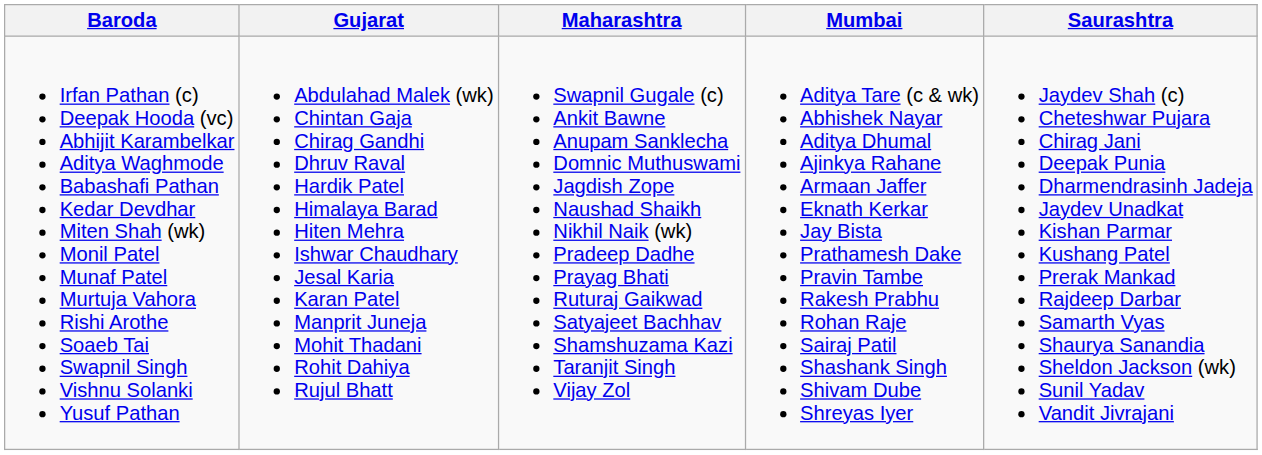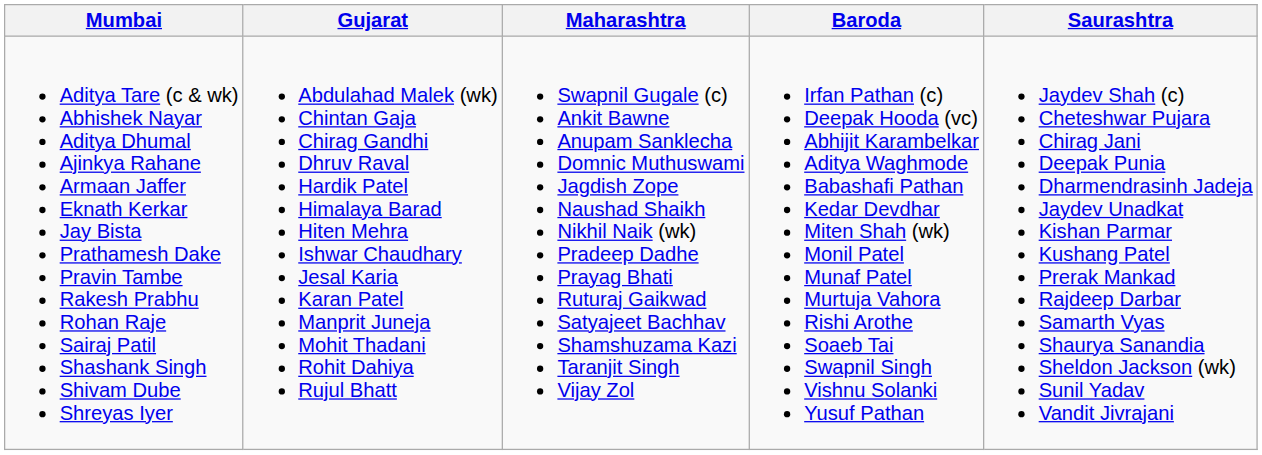 <table class="wikitable">
 <tr>
-<th><a href='#'>Baroda</a></th>
+<th><a href='#'>Mumbai</a></th>
 <th><a href='#'>Gujarat</a></th>
 <th><a href='#'>Maharashtra</a></th>
-<th><a href='#'>Mumbai</a></th>
+<th><a href='#'>Baroda</a></th>
 <th><a href='#'>Saurashtra</a></th>
 </tr>
 <tr style="vertical-align:top">
-<td><br><ul><li><a href='#'>Irfan Pathan</a> (c)</li><li><a href='#'>Deepak Hooda</a> (vc)</li><li><a href='#'>Abhijit Karambelkar</a></li><li><a href='#'>Aditya Waghmode</a></li><li><a href='#'>Babashafi Pathan</a></li><li><a href='#'>Kedar Devdhar</a></li><li><a href='#'>Miten Shah</a> (wk)</li><li><a href='#'>Monil Patel</a></li><li><a href='#'>Munaf Patel</a></li><li><a href='#'>Murtuja Vahora</a></li><li><a href='#'>Rishi Arothe</a></li><li><a href='#'>Soaeb Tai</a></li><li><a href='#'>Swapnil Singh</a></li><li><a href='#'>Vishnu Solanki</a></li><li><a href='#'>Yusuf Pathan</a></li></ul></td>
+<td><br><ul><li><a href='#'>Aditya Tare</a> (c & wk)</li><li><a href='#'>Abhishek Nayar</a></li><li><a href='#'>Aditya Dhumal</a></li><li><a href='#'>Ajinkya Rahane</a></li><li><a href='#'>Armaan Jaffer</a></li><li><a href='#'>Eknath Kerkar</a></li><li><a href='#'>Jay Bista</a></li><li><a href='#'>Prathamesh Dake</a></li><li><a href='#'>Pravin Tambe</a></li><li><a href='#'>Rakesh Prabhu</a></li><li><a href='#'>Rohan Raje</a></li><li><a href='#'>Sairaj Patil</a></li><li><a href='#'>Shashank Singh</a></li><li><a href='#'>Shivam Dube</a></li><li><a href='#'>Shreyas Iyer</a></li></ul></td>
 <td><br><ul><li><a href='#'>Abdulahad Malek</a> (wk)</li><li><a href='#'>Chintan Gaja</a></li><li><a href='#'>Chirag Gandhi</a></li><li><a href='#'>Dhruv Raval</a></li><li><a href='#'>Hardik Patel</a></li><li><a href='#'>Himalaya Barad</a></li><li><a href='#'>Hiten Mehra</a></li><li><a href='#'>Ishwar Chaudhary</a></li><li><a href='#'>Jesal Karia</a></li><li><a href='#'>Karan Patel</a></li><li><a href='#'>Manprit Juneja</a></li><li><a href='#'>Mohit Thadani</a></li><li><a href='#'>Rohit Dahiya</a></li><li><a href='#'>Rujul Bhatt</a></li></ul></td>
 <td><br><ul><li><a href='#'>Swapnil Gugale</a> (c)</li><li><a href='#'>Ankit Bawne</a></li><li><a href='#'>Anupam Sanklecha</a></li><li><a href='#'>Domnic Muthuswami</a></li><li><a href='#'>Jagdish Zope</a></li><li><a href='#'>Naushad Shaikh</a></li><li><a href='#'>Nikhil Naik</a> (wk)</li><li><a href='#'>Pradeep Dadhe</a></li><li><a href='#'>Prayag Bhati</a></li><li><a href='#'>Ruturaj Gaikwad</a></li><li><a href='#'>Satyajeet Bachhav</a></li><li><a href='#'>Shamshuzama Kazi</a></li><li><a href='#'>Taranjit Singh</a></li><li><a href='#'>Vijay Zol</a></li></ul></td>
-<td><br><ul><li><a href='#'>Aditya Tare</a> (c & wk)</li><li><a href='#'>Abhishek Nayar</a></li><li><a href='#'>Aditya Dhumal</a></li><li><a href='#'>Ajinkya Rahane</a></li><li><a href='#'>Armaan Jaffer</a></li><li><a href='#'>Eknath Kerkar</a></li><li><a href='#'>Jay Bista</a></li><li><a href='#'>Prathamesh Dake</a></li><li><a href='#'>Pravin Tambe</a></li><li><a href='#'>Rakesh Prabhu</a></li><li><a href='#'>Rohan Raje</a></li><li><a href='#'>Sairaj Patil</a></li><li><a href='#'>Shashank Singh</a></li><li><a href='#'>Shivam Dube</a></li><li><a href='#'>Shreyas Iyer</a></li></ul></td>
+<td><br><ul><li><a href='#'>Irfan Pathan</a> (c)</li><li><a href='#'>Deepak Hooda</a> (vc)</li><li><a href='#'>Abhijit Karambelkar</a></li><li><a href='#'>Aditya Waghmode</a></li><li><a href='#'>Babashafi Pathan</a></li><li><a href='#'>Kedar Devdhar</a></li><li><a href='#'>Miten Shah</a> (wk)</li><li><a href='#'>Monil Patel</a></li><li><a href='#'>Munaf Patel</a></li><li><a href='#'>Murtuja Vahora</a></li><li><a href='#'>Rishi Arothe</a></li><li><a href='#'>Soaeb Tai</a></li><li><a href='#'>Swapnil Singh</a></li><li><a href='#'>Vishnu Solanki</a></li><li><a href='#'>Yusuf Pathan</a></li></ul></td>
 <td><br><ul><li><a href='#'>Jaydev Shah</a> (c)</li><li><a href='#'>Cheteshwar Pujara</a></li><li><a href='#'>Chirag Jani</a></li><li><a href='#'>Deepak Punia</a></li><li><a href='#'>Dharmendrasinh Jadeja</a></li><li><a href='#'>Jaydev Unadkat</a></li><li><a href='#'>Kishan Parmar</a></li><li><a href='#'>Kushang Patel</a></li><li><a href='#'>Prerak Mankad</a></li><li><a href='#'>Rajdeep Darbar</a></li><li><a href='#'>Samarth Vyas</a></li><li><a href='#'>Shaurya Sanandia</a></li><li><a href='#'>Sheldon Jackson</a> (wk)</li><li><a href='#'>Sunil Yadav</a></li><li><a href='#'>Vandit Jivrajani</a></li></ul></td>
 </tr>
 </table>
